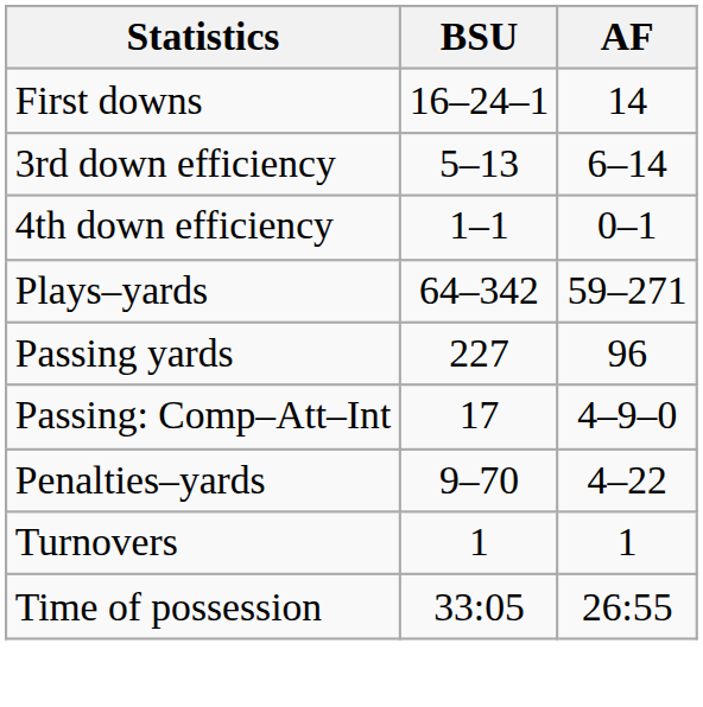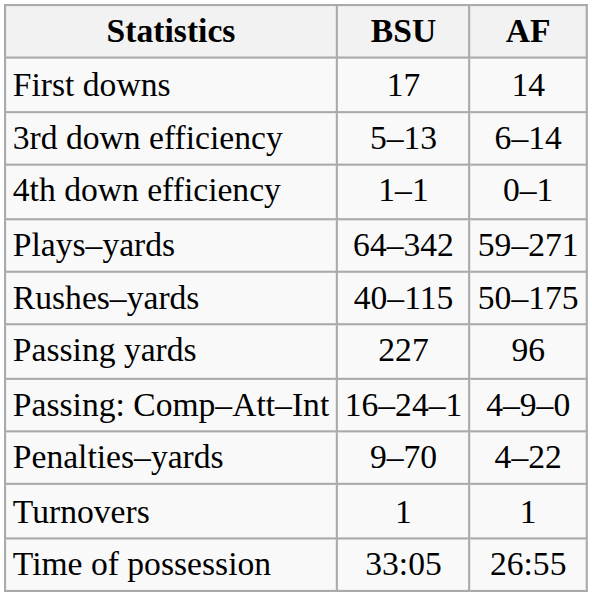 <table class="wikitable">
 <tr>
 <th>Statistics</th>
 <th>BSU</th>
 <th>AF</th>
 </tr>
 <tr>
 <td>First downs</td>
-<td align=center>16–24–1</td>
+<td align=center>17</td>
 <td align=center>14</td>
 </tr>
 <tr>
 <td>3rd down efficiency</td>
 <td align=center>5–13</td>
 <td align=center>6–14</td>
 </tr>
 <tr>
 <td>4th down efficiency</td>
 <td align=center>1–1</td>
 <td align=center>0–1</td>
 </tr>
 <tr>
 <td>Plays–yards</td>
 <td align=center>64–342</td>
 <td align=center>59–271</td>
 </tr>
 <tr>
+<td>Rushes–yards</td>
+<td align=center>40–115</td>
+<td align=center>50–175</td>
+</tr>
+<tr>
 <td>Passing yards</td>
 <td align=center>227</td>
 <td align=center>96</td>
 </tr>
 <tr>
 <td>Passing: Comp–Att–Int</td>
-<td align=center>17</td>
+<td align=center>16–24–1</td>
 <td align=center>4–9–0</td>
 </tr>
 <tr>
 <td>Penalties–yards</td>
 <td align=center>9–70</td>
 <td align=center>4–22</td>
 </tr>
 <tr>
 <td>Turnovers</td>
 <td align=center>1</td>
 <td align=center>1</td>
 </tr>
 <tr>
 <td>Time of possession</td>
 <td align=center>33:05</td>
 <td align=center>26:55</td>
 </tr>
 </table>
